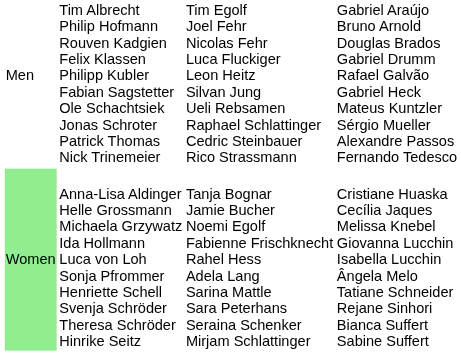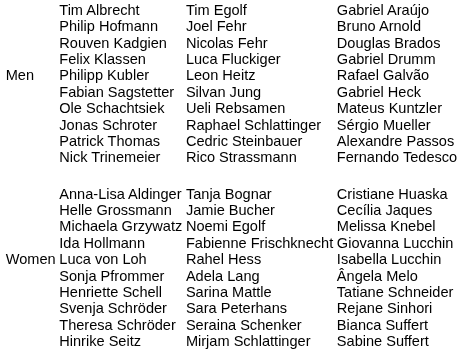 <table>
 <tr>
 <td>Men<br></td>
 <td><br>Tim Albrecht<br>Philip Hofmann<br>Rouven Kadgien<br>Felix Klassen<br>Philipp Kubler<br>Fabian Sagstetter<br>Ole Schachtsiek<br>Jonas Schroter<br>Patrick Thomas<br>Nick Trinemeier</td>
 <td><br>Tim Egolf<br>Joel Fehr<br>Nicolas Fehr<br>Luca Fluckiger<br>Leon Heitz<br>Silvan Jung<br>Ueli Rebsamen<br>Raphael Schlattinger<br>Cedric Steinbauer<br>Rico Strassmann</td>
 <td nowrap><br>Gabriel Araújo<br>Bruno Arnold<br>Douglas Brados<br>Gabriel Drumm<br>Rafael Galvão<br>Gabriel Heck<br>Mateus Kuntzler<br>Sérgio Mueller<br>Alexandre Passos<br>Fernando Tedesco</td>
 </tr>
 <tr>
-<td style="background: lightgreen;">Women<br></td>
+<td>Women<br></td>
 <td nowrap><br>Anna-Lisa Aldinger<br>Helle Grossmann<br>Michaela Grzywatz<br>Ida Hollmann<br>Luca von Loh<br>Sonja Pfrommer<br>Henriette Schell<br>Svenja Schröder<br>Theresa Schröder<br>Hinrike Seitz</td>
 <td nowrap><br>Tanja Bognar<br>Jamie Bucher<br>Noemi Egolf<br>Fabienne Frischknecht<br>Rahel Hess<br>Adela Lang<br>Sarina Mattle<br>Sara Peterhans<br>Seraina Schenker<br>Mirjam Schlattinger</td>
 <td nowrap><br>Cristiane Huaska<br>Cecília Jaques<br>Melissa Knebel<br>Giovanna Lucchin<br>Isabella Lucchin<br>Ângela Melo<br>Tatiane Schneider<br>Rejane Sinhori<br>Bianca Suffert<br>Sabine Suffert</td>
 </tr>
 </table>
